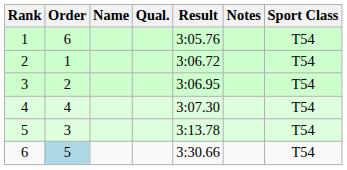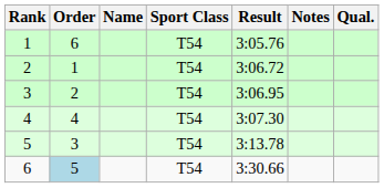 <table class="wikitable sortable" style="text-align:center">
 <tr>
 <th>Rank</th>
 <th>Order</th>
 <th>Name</th>
-<th>Qual.</th>
+<th>Sport Class</th>
 <th>Result</th>
 <th>Notes</th>
-<th>Sport Class</th>
+<th>Qual.</th>
 </tr>
 <tr bgcolor=ccffcc>
 <td>1</td>
 <td>6</td>
 <td align="left"></td>
-<td></td>
+<td>T54</td>
 <td>3:05.76</td>
 <td><strong> </strong></td>
-<td>T54</td>
+<td></td>
 </tr>
 <tr bgcolor=ccffcc>
 <td>2</td>
 <td>1</td>
 <td align="left"></td>
-<td></td>
+<td>T54</td>
 <td>3:06.72</td>
 <td></td>
-<td>T54</td>
+<td></td>
 </tr>
 <tr bgcolor=ccffcc>
 <td>3</td>
 <td>2</td>
 <td align="left"></td>
-<td></td>
+<td>T54</td>
 <td>3:06.95</td>
 <td></td>
-<td>T54</td>
+<td></td>
 </tr>
 <tr bgcolor=ddffdd>
 <td>4</td>
 <td>4</td>
 <td align="left"></td>
-<td></td>
+<td>T54</td>
 <td>3:07.30</td>
 <td></td>
-<td>T54</td>
+<td></td>
 </tr>
 <tr bgcolor=ddffdd>
 <td>5</td>
 <td>3</td>
 <td align="left"></td>
-<td></td>
+<td>T54</td>
 <td>3:13.78</td>
 <td></td>
-<td>T54</td>
+<td></td>
 </tr>
 <tr>
 <td>6</td>
 <td style="background: lightblue;">5</td>
 <td align="left"></td>
-<td></td>
+<td>T54</td>
 <td>3:30.66</td>
 <td></td>
-<td>T54</td>
+<td></td>
 </tr>
 </table>
